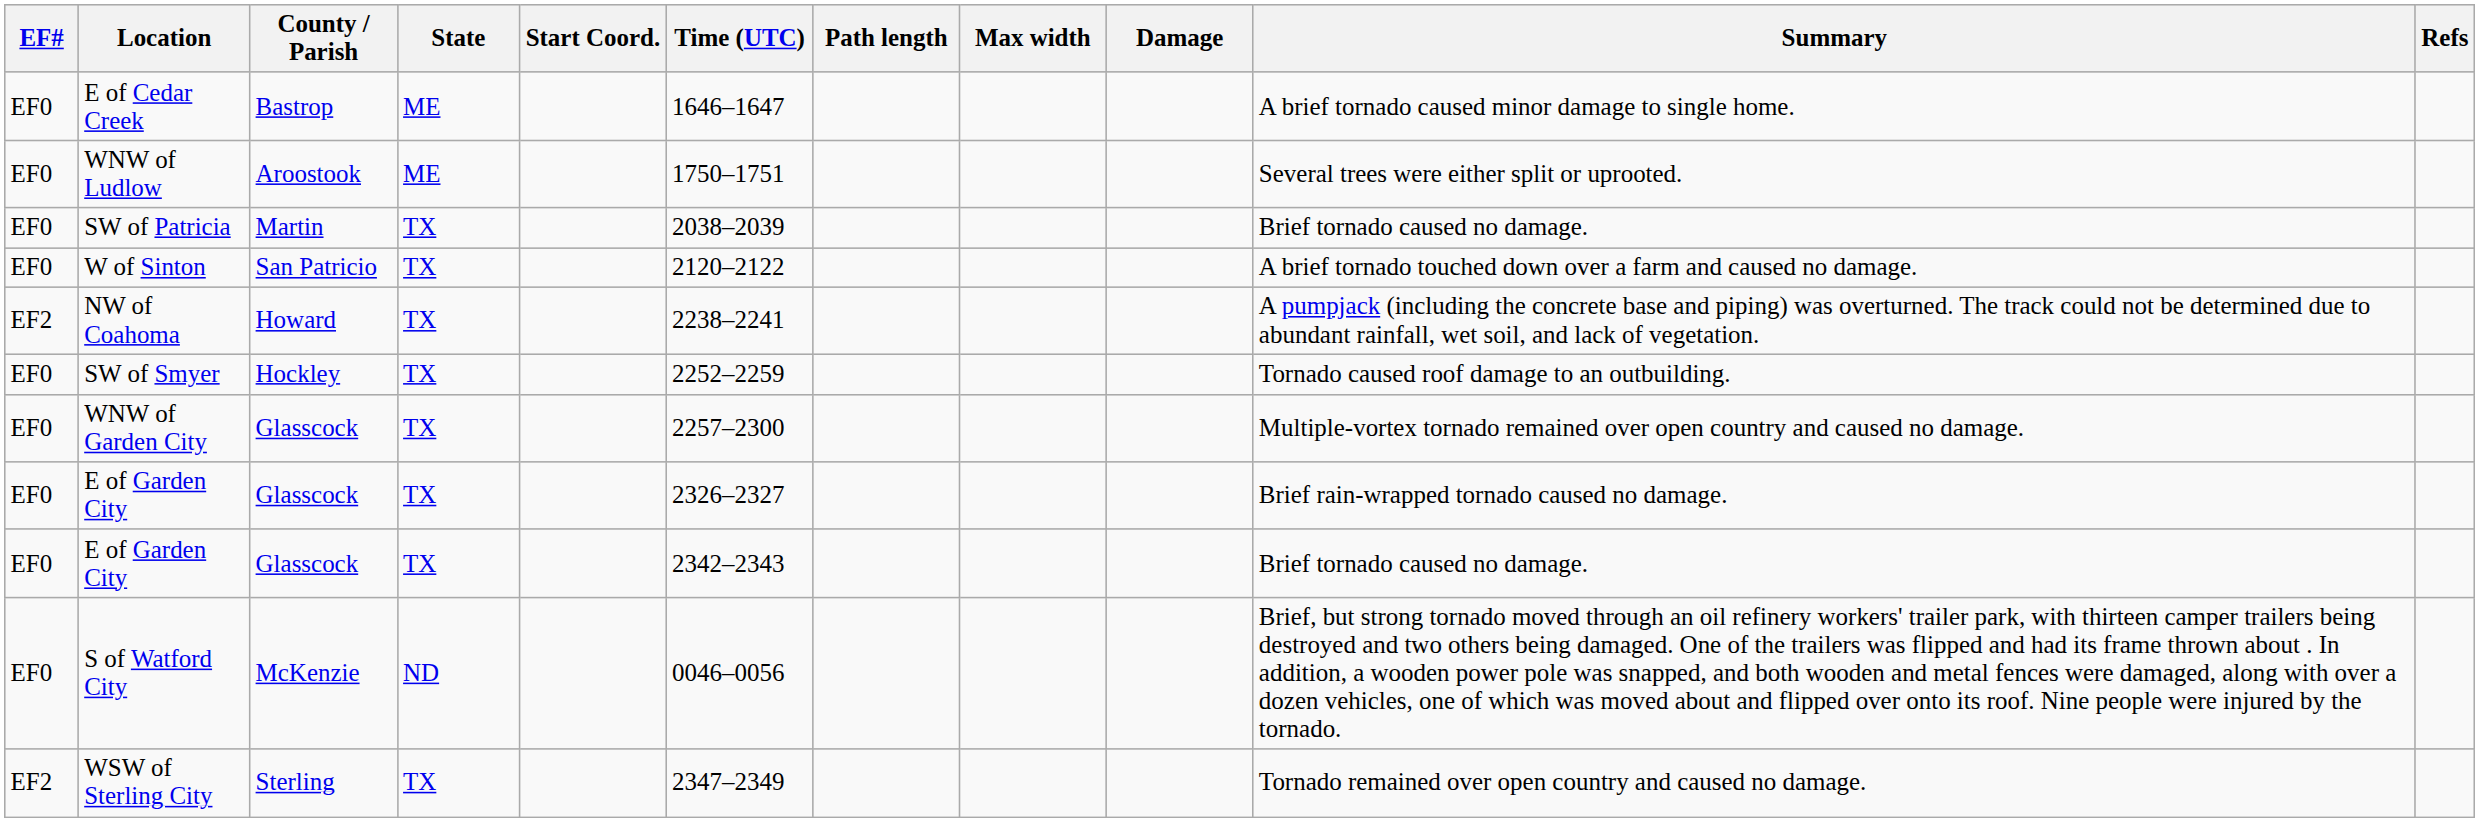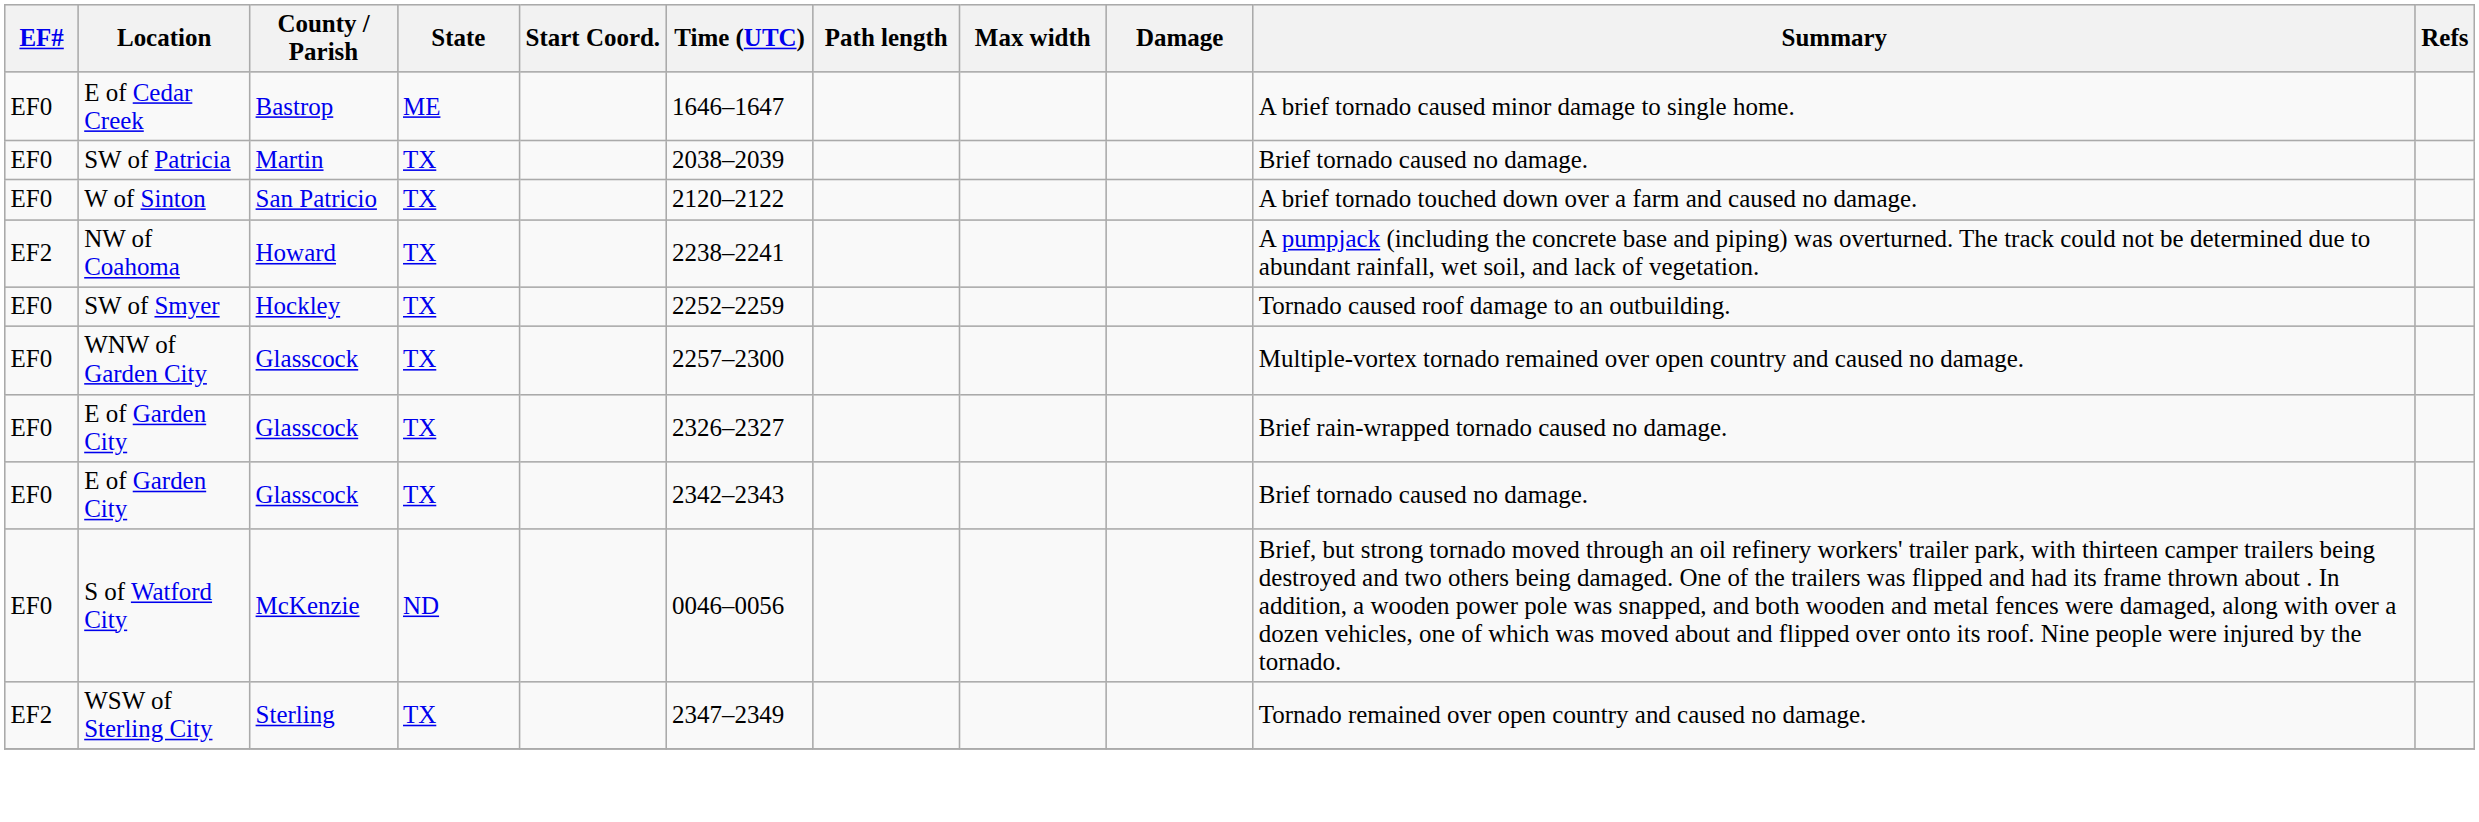 <table class="wikitable sortable" style="width:100%;">
 <tr>
 <th scope="col" width="3%" align="center"><a href='#'>EF#</a></th>
 <th scope="col" width="7%" align="center" class="unsortable">Location</th>
 <th scope="col" width="6%" align="center" class="unsortable">County / Parish</th>
 <th scope="col" width="5%" align="center">State</th>
 <th scope="col" width="6%" class="unsortable" align="center">Start Coord.</th>
 <th scope="col" width="6%" align="center">Time (<a href='#'>UTC</a>)</th>
 <th scope="col" width="6%" align="center">Path length</th>
 <th scope="col" width="6%" align="center">Max width</th>
 <th scope="col" width="6%" align="center">Damage</th>
 <th scope="col" width="48%" class="unsortable" align="center">Summary</th>
 <th scope="col" width="48%" class="unsortable" align="center">Refs</th>
 </tr>
 <tr>
 <td>EF0</td>
 <td>E of <a href='#'>Cedar Creek</a></td>
 <td><a href='#'>Bastrop</a></td>
 <td><a href='#'>ME</a></td>
 <td></td>
 <td>1646–1647</td>
 <td></td>
 <td></td>
 <td></td>
 <td>A brief tornado caused minor damage to single home.</td>
-<td></td>
-</tr>
-<tr>
-<td>EF0</td>
-<td>WNW of <a href='#'>Ludlow</a></td>
-<td><a href='#'>Aroostook</a></td>
-<td><a href='#'>ME</a></td>
-<td></td>
-<td>1750–1751</td>
-<td></td>
-<td></td>
-<td></td>
-<td>Several trees were either split or uprooted.</td>
 <td></td>
 </tr>
 <tr>
 <td>EF0</td>
 <td>SW of <a href='#'>Patricia</a></td>
 <td><a href='#'>Martin</a></td>
 <td><a href='#'>TX</a></td>
 <td></td>
 <td>2038–2039</td>
 <td></td>
 <td></td>
 <td></td>
 <td>Brief tornado caused no damage.</td>
 <td></td>
 </tr>
 <tr>
 <td>EF0</td>
 <td>W of <a href='#'>Sinton</a></td>
 <td><a href='#'>San Patricio</a></td>
 <td><a href='#'>TX</a></td>
 <td></td>
 <td>2120–2122</td>
 <td></td>
 <td></td>
 <td></td>
 <td>A brief tornado touched down over a farm and caused no damage.</td>
 <td></td>
 </tr>
 <tr>
 <td>EF2</td>
 <td>NW of <a href='#'>Coahoma</a></td>
 <td><a href='#'>Howard</a></td>
 <td><a href='#'>TX</a></td>
 <td></td>
 <td>2238–2241</td>
 <td></td>
 <td></td>
 <td></td>
 <td>A  <a href='#'>pumpjack</a> (including the concrete base and piping) was overturned. The track could not be determined due to abundant rainfall, wet soil, and lack of vegetation.</td>
 <td></td>
 </tr>
 <tr>
 <td>EF0</td>
 <td>SW of <a href='#'>Smyer</a></td>
 <td><a href='#'>Hockley</a></td>
 <td><a href='#'>TX</a></td>
 <td></td>
 <td>2252–2259</td>
 <td></td>
 <td></td>
 <td></td>
 <td>Tornado caused roof damage to an outbuilding.</td>
 <td></td>
 </tr>
 <tr>
 <td>EF0</td>
 <td>WNW of <a href='#'>Garden City</a></td>
 <td><a href='#'>Glasscock</a></td>
 <td><a href='#'>TX</a></td>
 <td></td>
 <td>2257–2300</td>
 <td></td>
 <td></td>
 <td></td>
 <td>Multiple-vortex tornado remained over open country and caused no damage.</td>
 <td></td>
 </tr>
 <tr>
 <td>EF0</td>
 <td>E of <a href='#'>Garden City</a></td>
 <td><a href='#'>Glasscock</a></td>
 <td><a href='#'>TX</a></td>
 <td></td>
 <td>2326–2327</td>
 <td></td>
 <td></td>
 <td></td>
 <td>Brief rain-wrapped tornado caused no damage.</td>
 <td></td>
 </tr>
 <tr>
 <td>EF0</td>
 <td>E of <a href='#'>Garden City</a></td>
 <td><a href='#'>Glasscock</a></td>
 <td><a href='#'>TX</a></td>
 <td></td>
 <td>2342–2343</td>
 <td></td>
 <td></td>
 <td></td>
 <td>Brief tornado caused no damage.</td>
 <td></td>
 </tr>
 <tr>
 <td>EF0</td>
 <td>S of <a href='#'>Watford City</a></td>
 <td><a href='#'>McKenzie</a></td>
 <td><a href='#'>ND</a></td>
 <td></td>
 <td>0046–0056</td>
 <td></td>
 <td></td>
 <td></td>
 <td>Brief, but strong tornado moved through an oil refinery workers' trailer park, with thirteen camper trailers being destroyed and two others being damaged. One of the trailers was flipped and had its frame thrown about . In addition, a wooden power pole was snapped, and both wooden and metal fences were damaged, along with over a dozen vehicles, one of which was moved about  and flipped over onto its roof. Nine people were injured by the tornado.</td>
 <td></td>
 </tr>
 <tr>
 <td>EF2</td>
 <td>WSW of <a href='#'>Sterling City</a></td>
 <td><a href='#'>Sterling</a></td>
 <td><a href='#'>TX</a></td>
 <td></td>
 <td>2347–2349</td>
 <td></td>
 <td></td>
 <td></td>
 <td>Tornado remained over open country and caused no damage.</td>
 <td></td>
 </tr>
 <tr>
 </tr>
 </table>
